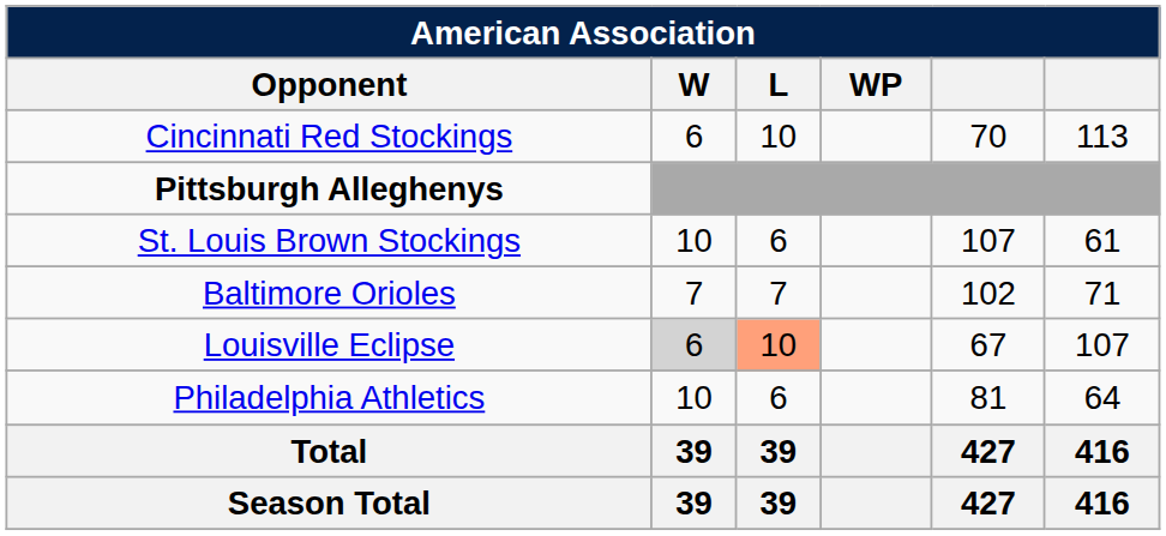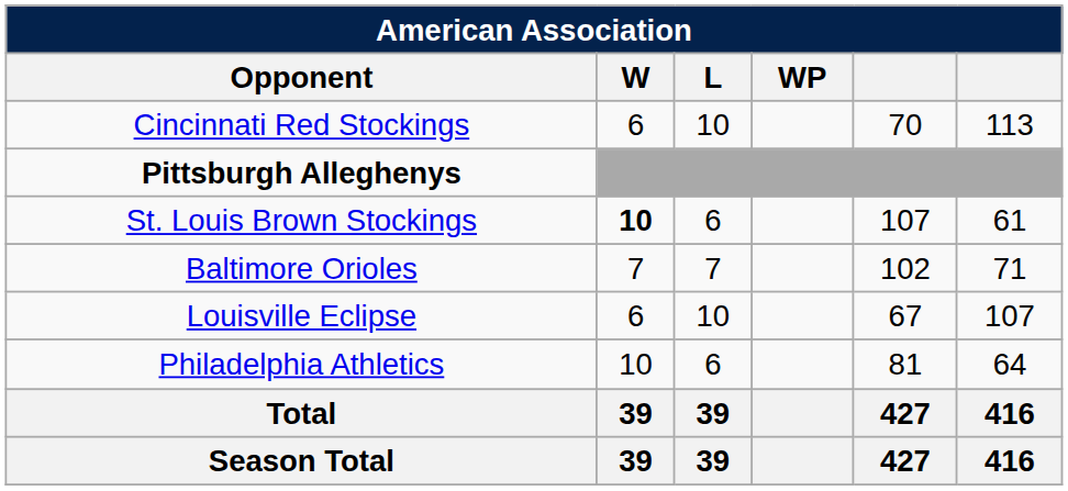 <table class="wikitable" style="font-size:95%; text-align:center; width:35em;margin: 0.5em auto;">
 <tr>
 <th colspan="7" style="background:#03224c; color:#ffffff;">American Association</th>
 </tr>
 <tr>
 <th>Opponent</th>
 <th>W</th>
 <th>L</th>
 <th>WP</th>
 <th></th>
 <th></th>
 </tr>
 <tr>
 <td><a href='#'>Cincinnati Red Stockings</a></td>
 <td>6</td>
 <td>10</td>
 <td></td>
 <td>70</td>
 <td>113</td>
 </tr>
 <tr>
 <td><strong>Pittsburgh Alleghenys</strong></td>
 <td colspan=5 style="background:darkgray;"></td>
 </tr>
 <tr>
 <td><a href='#'>St. Louis Brown Stockings</a></td>
-<td>10</td>
+<td><strong>10</strong></td>
 <td>6</td>
 <td></td>
 <td>107</td>
 <td>61</td>
 </tr>
 <tr>
 <td><a href='#'>Baltimore Orioles</a></td>
 <td>7</td>
 <td>7</td>
 <td></td>
 <td>102</td>
 <td>71</td>
 </tr>
 <tr>
 <td><a href='#'>Louisville Eclipse</a></td>
-<td style="background: lightgrey;">6</td>
-<td style="background: lightsalmon;">10</td>
+<td>6</td>
+<td>10</td>
 <td></td>
 <td>67</td>
 <td>107</td>
 </tr>
 <tr>
 <td><a href='#'>Philadelphia Athletics</a></td>
 <td>10</td>
 <td>6</td>
 <td></td>
 <td>81</td>
 <td>64</td>
 </tr>
 <tr>
 <th>Total</th>
 <th>39</th>
 <th>39</th>
 <th></th>
 <th>427</th>
 <th>416</th>
 </tr>
 <tr>
 <th>Season Total</th>
 <th>39</th>
 <th>39</th>
 <th></th>
 <th>427</th>
 <th>416</th>
 </tr>
 </table>
